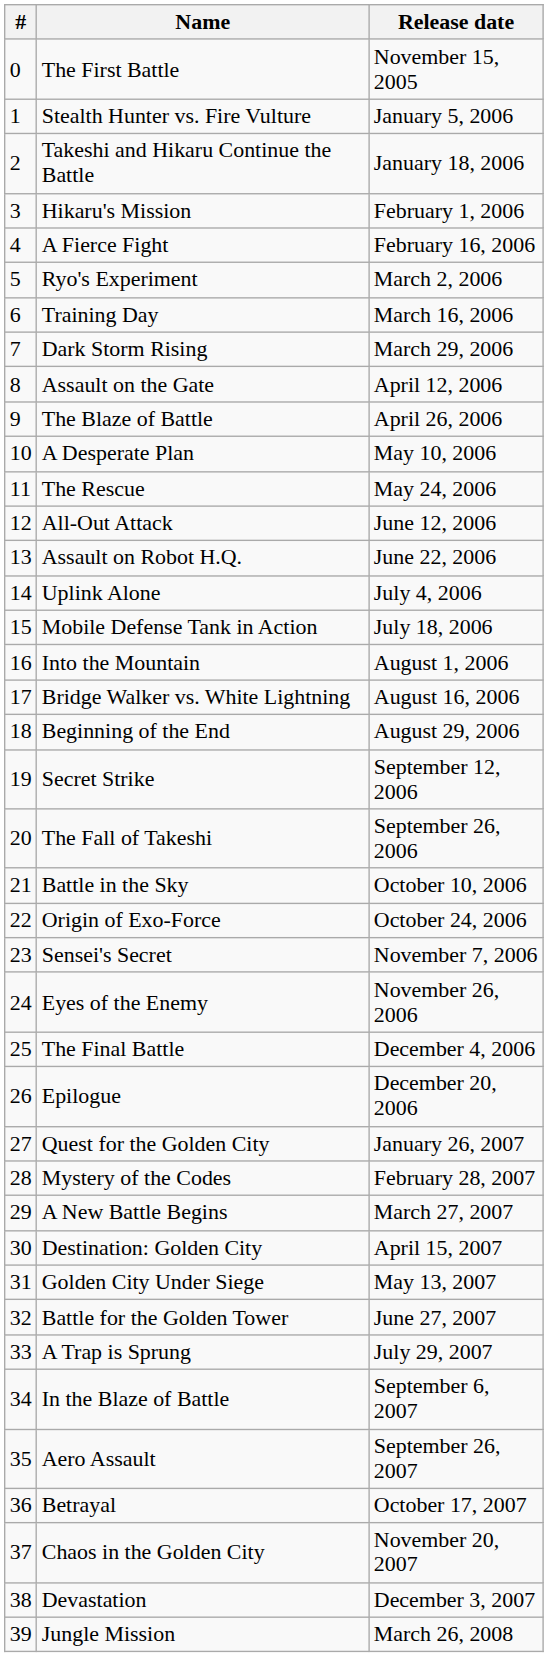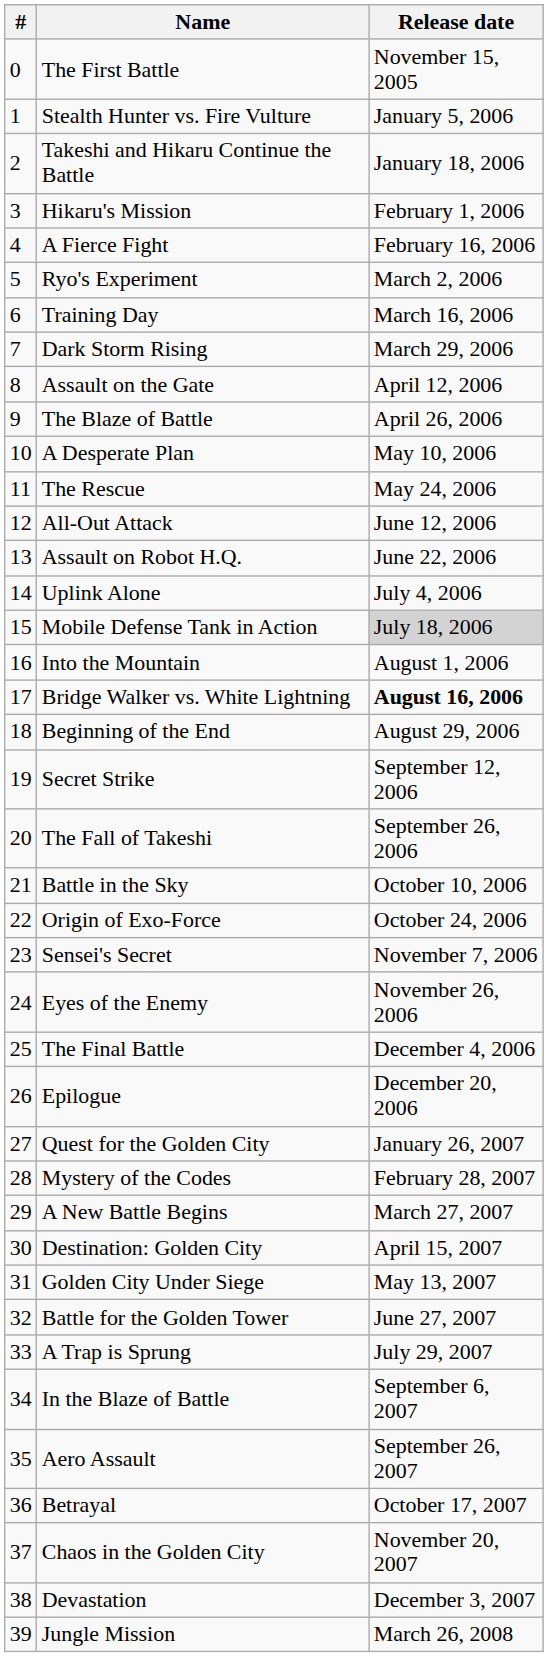 <table class="wikitable">
 <tr style="background:#EFEFEF">
 <th style="width:15px;"><strong>#</strong></th>
 <th style="width:235px;"><strong>Name</strong></th>
 <th style="width:120px;"><strong>Release date</strong></th>
 </tr>
 <tr>
 <td>0</td>
 <td>The First Battle</td>
 <td>November 15, 2005</td>
 </tr>
 <tr>
 <td>1</td>
 <td>Stealth Hunter vs. Fire Vulture</td>
 <td>January 5, 2006</td>
 </tr>
 <tr>
 <td>2</td>
 <td>Takeshi and Hikaru Continue the Battle</td>
 <td>January 18, 2006</td>
 </tr>
 <tr>
 <td>3</td>
 <td>Hikaru's Mission</td>
 <td>February 1, 2006</td>
 </tr>
 <tr>
 <td>4</td>
 <td>A Fierce Fight</td>
 <td>February 16, 2006</td>
 </tr>
 <tr>
 <td>5</td>
 <td>Ryo's Experiment</td>
 <td>March 2, 2006</td>
 </tr>
 <tr>
 <td>6</td>
 <td>Training Day</td>
 <td>March 16, 2006</td>
 </tr>
 <tr>
 <td>7</td>
 <td>Dark Storm Rising</td>
 <td>March 29, 2006</td>
 </tr>
 <tr>
 <td>8</td>
 <td>Assault on the Gate</td>
 <td>April 12, 2006</td>
 </tr>
 <tr>
 <td>9</td>
 <td>The Blaze of Battle</td>
 <td>April 26, 2006</td>
 </tr>
 <tr>
 <td>10</td>
 <td>A Desperate Plan</td>
 <td>May 10, 2006</td>
 </tr>
 <tr>
 <td>11</td>
 <td>The Rescue</td>
 <td>May 24, 2006</td>
 </tr>
 <tr>
 <td>12</td>
 <td>All-Out Attack</td>
 <td>June 12, 2006</td>
 </tr>
 <tr>
 <td>13</td>
 <td>Assault on Robot H.Q.</td>
 <td>June 22, 2006</td>
 </tr>
 <tr>
 <td>14</td>
 <td>Uplink Alone</td>
 <td>July 4, 2006</td>
 </tr>
 <tr>
 <td>15</td>
 <td>Mobile Defense Tank in Action</td>
-<td>July 18, 2006</td>
+<td style="background: lightgrey;">July 18, 2006</td>
 </tr>
 <tr>
 <td>16</td>
 <td>Into the Mountain</td>
 <td>August 1, 2006</td>
 </tr>
 <tr>
 <td>17</td>
 <td>Bridge Walker vs. White Lightning</td>
-<td>August 16, 2006</td>
+<td><strong>August 16, 2006</strong></td>
 </tr>
 <tr>
 <td>18</td>
 <td>Beginning of the End</td>
 <td>August 29, 2006</td>
 </tr>
 <tr>
 <td>19</td>
 <td>Secret Strike</td>
 <td>September 12, 2006</td>
 </tr>
 <tr>
 <td>20</td>
 <td>The Fall of Takeshi</td>
 <td>September 26, 2006</td>
 </tr>
 <tr>
 <td>21</td>
 <td>Battle in the Sky</td>
 <td>October 10, 2006</td>
 </tr>
 <tr>
 <td>22</td>
 <td>Origin of Exo-Force</td>
 <td>October 24, 2006</td>
 </tr>
 <tr>
 <td>23</td>
 <td>Sensei's Secret</td>
 <td>November 7, 2006</td>
 </tr>
 <tr>
 <td>24</td>
 <td>Eyes of the Enemy</td>
 <td>November 26, 2006</td>
 </tr>
 <tr>
 <td>25</td>
 <td>The Final Battle</td>
 <td>December 4, 2006</td>
 </tr>
 <tr>
 <td>26</td>
 <td>Epilogue</td>
 <td>December 20, 2006</td>
 </tr>
 <tr>
 <td>27</td>
 <td>Quest for the Golden City</td>
 <td>January 26, 2007</td>
 </tr>
 <tr>
 <td>28</td>
 <td>Mystery of the Codes</td>
 <td>February 28, 2007</td>
 </tr>
 <tr>
 <td>29</td>
 <td>A New Battle Begins</td>
 <td>March 27, 2007</td>
 </tr>
 <tr>
 <td>30</td>
 <td>Destination: Golden City</td>
 <td>April 15, 2007</td>
 </tr>
 <tr>
 <td>31</td>
 <td>Golden City Under Siege</td>
 <td>May 13, 2007</td>
 </tr>
 <tr>
 <td>32</td>
 <td>Battle for the Golden Tower</td>
 <td>June 27, 2007</td>
 </tr>
 <tr>
 <td>33</td>
 <td>A Trap is Sprung</td>
 <td>July 29, 2007</td>
 </tr>
 <tr>
 <td>34</td>
 <td>In the Blaze of Battle</td>
 <td>September 6, 2007</td>
 </tr>
 <tr>
 <td>35</td>
 <td>Aero Assault</td>
 <td>September 26, 2007</td>
 </tr>
 <tr>
 <td>36</td>
 <td>Betrayal</td>
 <td>October 17, 2007</td>
 </tr>
 <tr>
 <td>37</td>
 <td>Chaos in the Golden City</td>
 <td>November 20, 2007</td>
 </tr>
 <tr>
 <td>38</td>
 <td>Devastation</td>
 <td>December 3, 2007</td>
 </tr>
 <tr>
 <td>39</td>
 <td>Jungle Mission</td>
 <td>March 26, 2008</td>
 </tr>
 </table>
